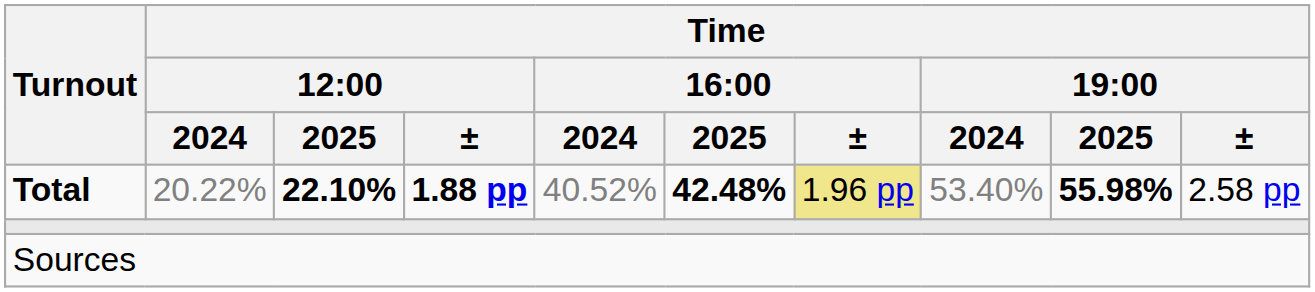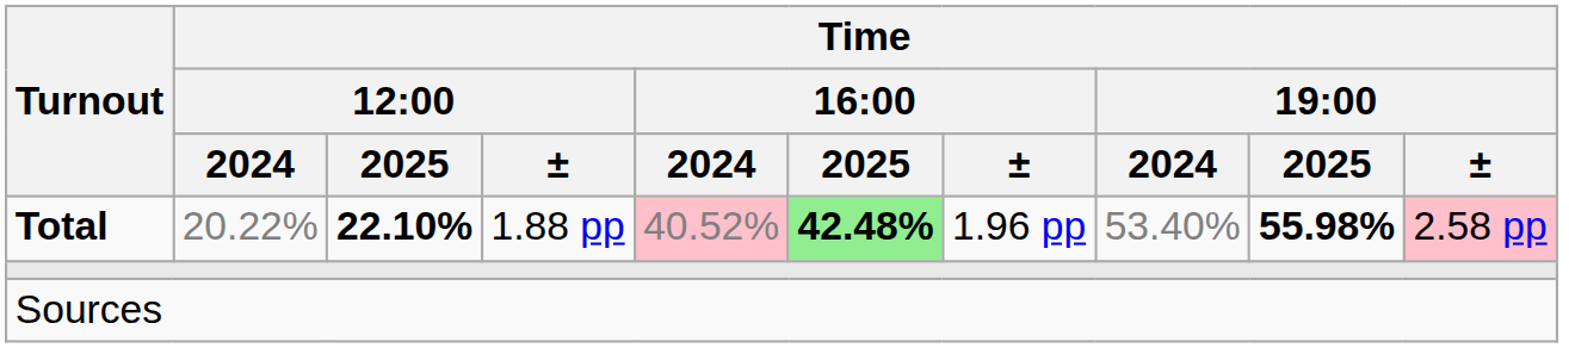 <table class="wikitable sortable" style="text-align:right;">
 <tr>
 <th rowspan="3">Turnout</th>
 <th colspan="9">Time</th>
 </tr>
 <tr>
 <th colspan="3">12:00</th>
 <th colspan="3">16:00</th>
 <th colspan="3">19:00</th>
 </tr>
 <tr>
 <th>2024</th>
 <th>2025</th>
 <th>±</th>
 <th>2024</th>
 <th>2025</th>
 <th>±</th>
 <th>2024</th>
 <th>2025</th>
 <th>±</th>
 </tr>
 <tr>
 <td align="left"><strong>Total</strong></td>
 <td style="color:gray;">20.22%</td>
 <td><strong>22.10%</strong></td>
-<td><strong> 1.88 <a href='#'>pp</a></strong></td>
-<td style="color:gray;">40.52%</td>
-<td><strong>42.48%</strong></td>
-<td style="background: khaki;"> 1.96 <a href='#'>pp</a></td>
+<td> 1.88 <a href='#'>pp</a></td>
+<td style="background: pink; color:gray;">40.52%</td>
+<td style="background: lightgreen;"><strong>42.48%</strong></td>
+<td> 1.96 <a href='#'>pp</a></td>
 <td style="color:gray;">53.40%</td>
 <td><strong>55.98%</strong></td>
-<td> 2.58 <a href='#'>pp</a></td>
+<td style="background: pink;"> 2.58 <a href='#'>pp</a></td>
 </tr>
 <tr>
 <td colspan="10" bgcolor="#E9E9E9"></td>
 </tr>
 <tr>
 <td align="left" colspan="10">Sources</td>
 </tr>
 </table>
